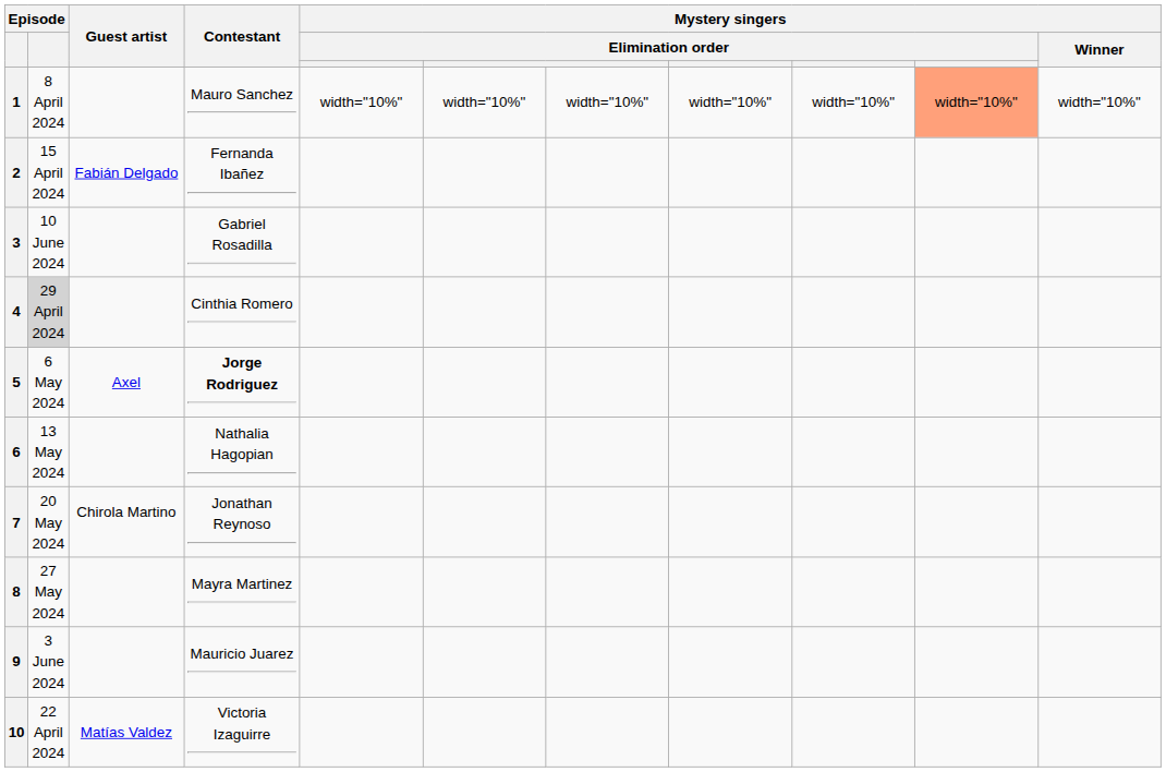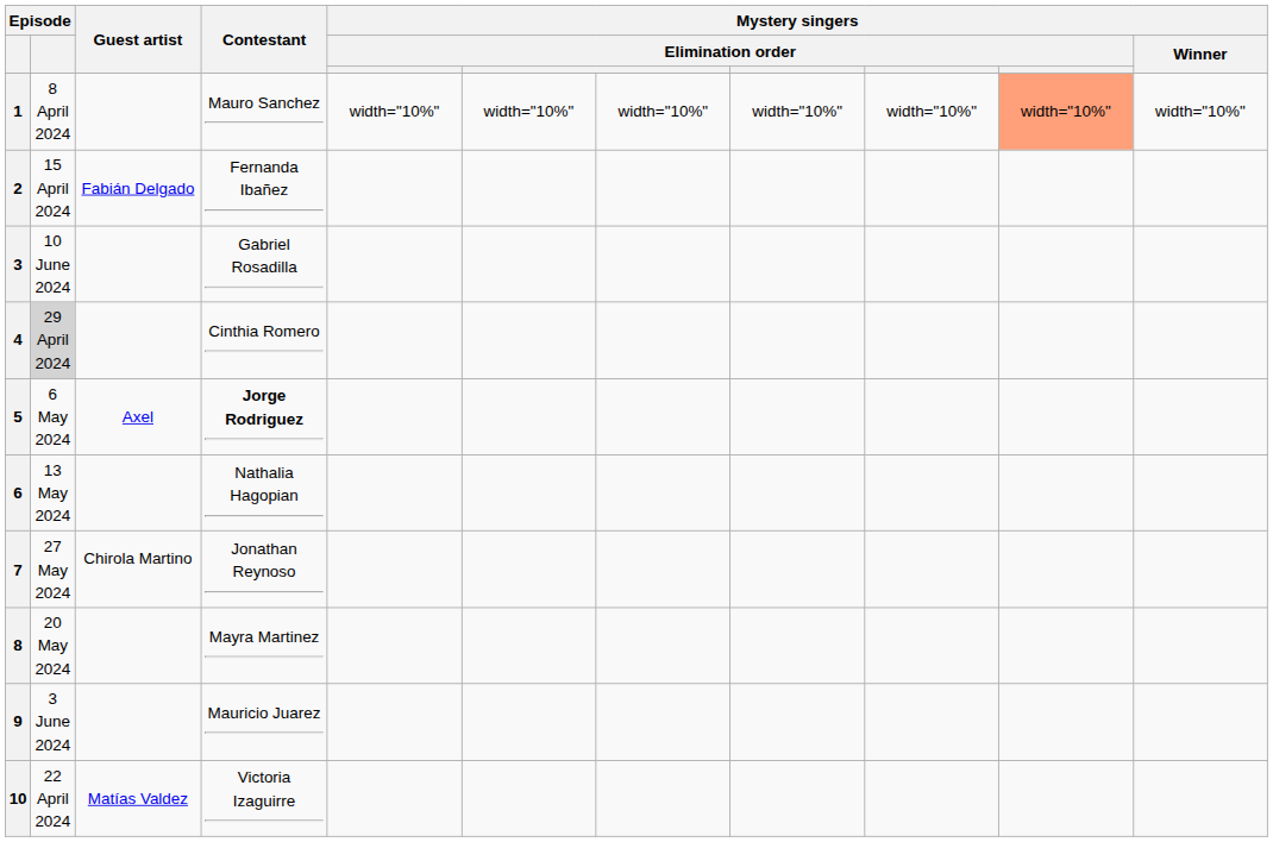 <table class="wikitable plainrowheaders mw-collapsible" style="text-align:center; line-height:23px; width:100%;">
 <tr>
 <th colspan="2" width="1%">Episode</th>
 <th rowspan="3" width="10%">Guest artist</th>
 <th rowspan="3" width="10%">Contestant</th>
 <th colspan="7">Mystery singers<br></th>
 </tr>
 <tr>
 <th rowspan="2"></th>
 <th rowspan="2"></th>
 <th colspan="6">Elimination order</th>
 <th rowspan="2">Winner</th>
 </tr>
 <tr>
 <th></th>
 <th colspan="2"></th>
 <th></th>
 <th></th>
 <th></th>
 </tr>
 <tr>
 <th>1</th>
 <td>8 April 2024</td>
 <td><br></td>
 <td>Mauro Sanchez<hr></td>
 <td>width="10%" </td>
 <td>width="10%" </td>
 <td>width="10%" </td>
 <td>width="10%" </td>
 <td>width="10%" </td>
 <td style="background: lightsalmon;">width="10%" </td>
 <td>width="10%" </td>
 </tr>
 <tr>
 <th>2</th>
 <td>15 April 2024</td>
 <td><a href='#'>Fabián Delgado</a></td>
 <td>Fernanda Ibañez<hr></td>
 <td></td>
 <td></td>
 <td></td>
 <td></td>
 <td></td>
 <td></td>
 <td></td>
 </tr>
 <tr>
 <th>3</th>
 <td>10 June 2024</td>
 <td></td>
 <td>Gabriel Rosadilla<hr></td>
 <td></td>
 <td></td>
 <td></td>
 <td></td>
 <td></td>
 <td></td>
 <td></td>
 </tr>
 <tr>
 <th>4</th>
 <td style="background: lightgrey;">29 April 2024</td>
 <td></td>
 <td>Cinthia Romero<hr></td>
 <td></td>
 <td></td>
 <td></td>
 <td></td>
 <td></td>
 <td></td>
 <td></td>
 </tr>
 <tr>
 <th>5</th>
 <td>6 May 2024</td>
 <td><a href='#'>Axel</a></td>
 <td><strong>Jorge Rodriguez<hr></strong></td>
 <td></td>
 <td></td>
 <td></td>
 <td></td>
 <td></td>
 <td></td>
 <td></td>
 </tr>
 <tr>
 <th>6</th>
 <td>13 May 2024</td>
 <td><br></td>
 <td>Nathalia Hagopian<hr></td>
 <td></td>
 <td></td>
 <td></td>
 <td></td>
 <td></td>
 <td></td>
 <td></td>
 </tr>
 <tr>
 <th>7</th>
-<td>20 May 2024</td>
+<td>27 May 2024</td>
 <td>Chirola Martino<br><br></td>
 <td>Jonathan Reynoso<hr></td>
 <td></td>
 <td></td>
 <td></td>
 <td></td>
 <td></td>
 <td></td>
 <td></td>
 </tr>
 <tr>
 <th>8</th>
-<td>27 May 2024</td>
+<td>20 May 2024</td>
 <td><br></td>
 <td>Mayra Martinez<hr></td>
 <td></td>
 <td></td>
 <td></td>
 <td></td>
 <td></td>
 <td></td>
 <td></td>
 </tr>
 <tr>
 <th>9</th>
 <td>3 June 2024</td>
 <td><br></td>
 <td>Mauricio Juarez<hr></td>
 <td></td>
 <td></td>
 <td></td>
 <td></td>
 <td></td>
 <td></td>
 <td></td>
 </tr>
 <tr>
 <th>10</th>
 <td>22 April 2024</td>
 <td><a href='#'>Matías Valdez</a><br></td>
 <td>Victoria Izaguirre<hr></td>
 <td></td>
 <td></td>
 <td></td>
 <td></td>
 <td></td>
 <td></td>
 <td></td>
 </tr>
 </table>
